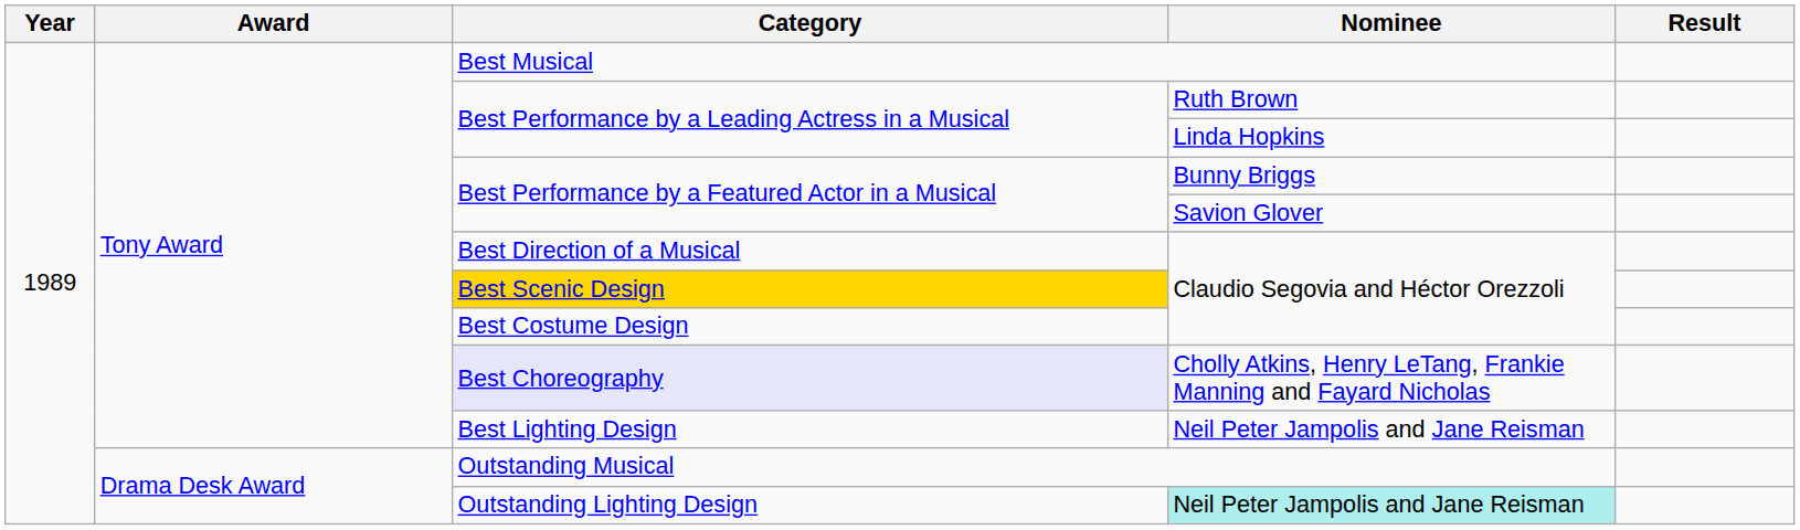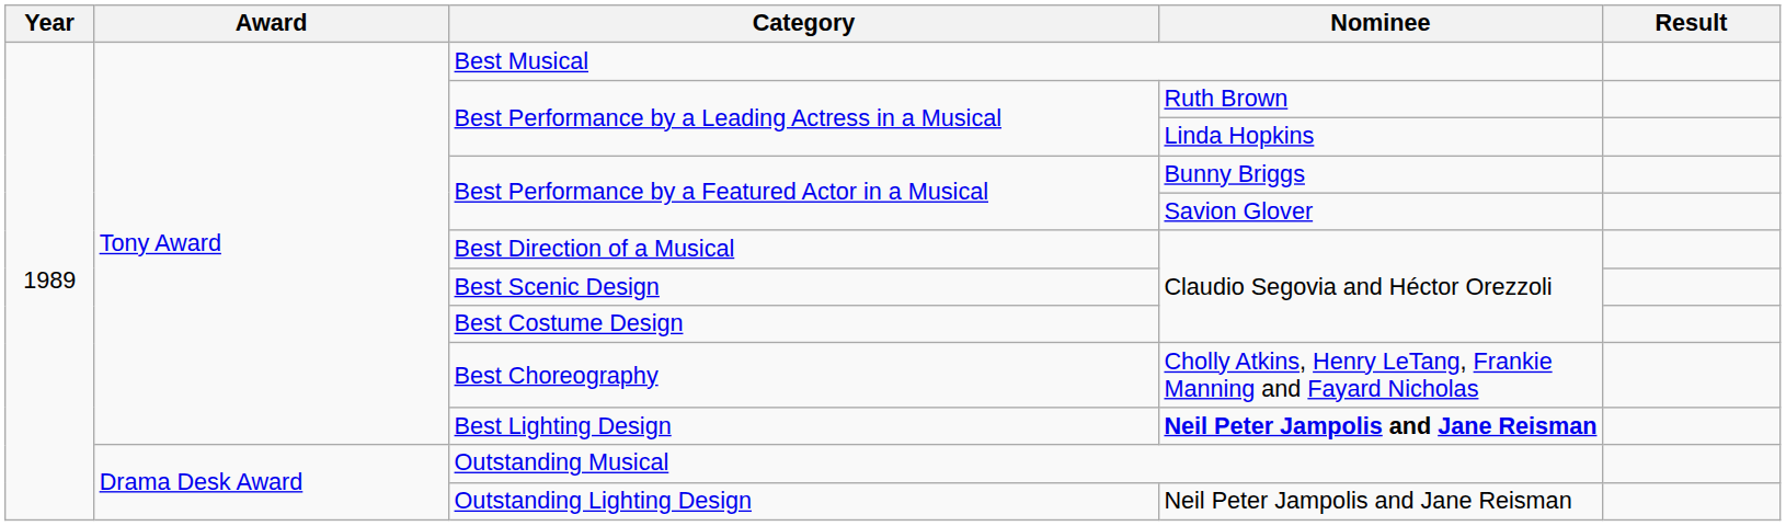 <table class="wikitable" width="95%">
 <tr>
 <th width="5%">Year</th>
 <th width="20%">Award</th>
 <th width="40%">Category</th>
 <th width="25%">Nominee</th>
 <th width="10%">Result</th>
 </tr>
 <tr>
 <td rowspan="12" align="center">1989</td>
 <td rowspan="10"><a href='#'>Tony Award</a></td>
 <td colspan="2"><a href='#'>Best Musical</a></td>
 <td></td>
 </tr>
 <tr>
 <td rowspan="2"><a href='#'>Best Performance by a Leading Actress in a Musical</a></td>
 <td><a href='#'>Ruth Brown</a></td>
 <td></td>
 </tr>
 <tr>
 <td><a href='#'>Linda Hopkins</a></td>
 <td></td>
 </tr>
 <tr>
 <td rowspan="2"><a href='#'>Best Performance by a Featured Actor in a Musical</a></td>
 <td><a href='#'>Bunny Briggs</a></td>
 <td></td>
 </tr>
 <tr>
 <td><a href='#'>Savion Glover</a></td>
 <td></td>
 </tr>
 <tr>
 <td><a href='#'>Best Direction of a Musical</a></td>
 <td rowspan="3">Claudio Segovia and Héctor Orezzoli</td>
 <td></td>
 </tr>
 <tr>
-<td style="background: gold;"><a href='#'>Best Scenic Design</a></td>
+<td><a href='#'>Best Scenic Design</a></td>
 <td></td>
 </tr>
 <tr>
 <td><a href='#'>Best Costume Design</a></td>
 <td></td>
 </tr>
 <tr>
-<td style="background: lavender;"><a href='#'>Best Choreography</a></td>
+<td><a href='#'>Best Choreography</a></td>
 <td><a href='#'>Cholly Atkins</a>, <a href='#'>Henry LeTang</a>, <a href='#'>Frankie Manning</a> and <a href='#'>Fayard Nicholas</a></td>
 <td></td>
 </tr>
 <tr>
 <td><a href='#'>Best Lighting Design</a></td>
-<td><a href='#'>Neil Peter Jampolis</a> and <a href='#'>Jane Reisman</a></td>
+<td><strong><a href='#'>Neil Peter Jampolis</a> and <a href='#'>Jane Reisman</a></strong></td>
 <td></td>
 </tr>
 <tr>
 <td rowspan="2"><a href='#'>Drama Desk Award</a></td>
 <td colspan="2"><a href='#'>Outstanding Musical</a></td>
 <td></td>
 </tr>
 <tr>
 <td><a href='#'>Outstanding Lighting Design</a></td>
-<td style="background: paleturquoise;">Neil Peter Jampolis and Jane Reisman</td>
+<td>Neil Peter Jampolis and Jane Reisman</td>
 <td></td>
 </tr>
 </table>
